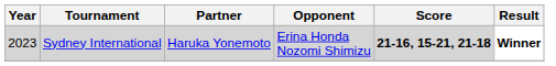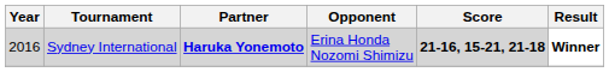 <table class="sortable wikitable" style="font-size: 90%;">
 <tr>
 <th>Year</th>
 <th>Tournament</th>
 <th>Partner</th>
 <th>Opponent</th>
 <th>Score</th>
 <th>Result</th>
 </tr>
 <tr style="background:#D5D5D5">
-<td align="center">2023</td>
+<td align="center">2016</td>
 <td align="left"><a href='#'>Sydney International</a></td>
-<td align="left"> <a href='#'>Haruka Yonemoto</a></td>
+<td align="left"><strong> <a href='#'>Haruka Yonemoto</a></strong></td>
 <td align="left"> <a href='#'>Erina Honda</a><br> <a href='#'>Nozomi Shimizu</a></td>
 <td align="left"><strong>21-16, 15-21, 21-18</strong></td>
 <td style="text-align:left; background:white"> <strong>Winner</strong></td>
 </tr>
 <tr>
 </tr>
 </table>
